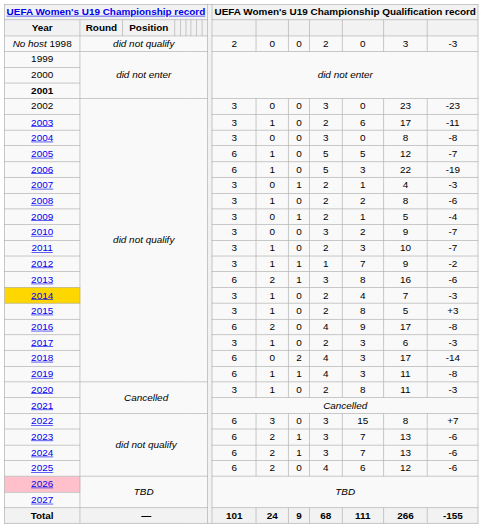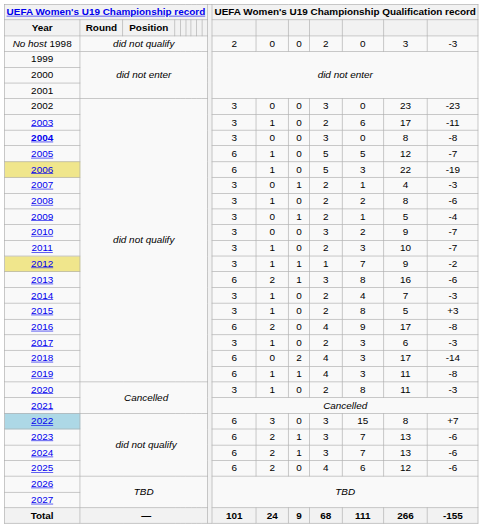 <table class="wikitable" style="text-align: center;">
 <tr>
 <th colspan=9><a href='#'>UEFA Women's U19 Championship record</a></th>
 <th width=1% rowspan=39></th>
 <th colspan=7>UEFA Women's U19 Championship Qualification record</th>
 </tr>
 <tr>
 <th>Year</th>
 <th>Round</th>
 <th>Position</th>
 <th></th>
 <th></th>
 <th></th>
 <th></th>
 <th></th>
 <th></th>
 <th></th>
 <th></th>
 <th></th>
 <th></th>
 <th></th>
 <th></th>
 <th></th>
 </tr>
 <tr>
 <td><em>No host</em> 1998</td>
 <td colspan=8><em>did not qualify</em></td>
 <td>2</td>
 <td>0</td>
 <td>0</td>
 <td>2</td>
 <td>0</td>
 <td>3</td>
 <td>-3</td>
 </tr>
 <tr>
 <td> 1999</td>
 <td rowspan=3 colspan=8><em>did not enter</em></td>
 <td rowspan=3 colspan=7><em>did not enter</em></td>
 </tr>
 <tr>
 <td> 2000</td>
 </tr>
 <tr>
-<td><strong> 2001</strong></td>
+<td> 2001</td>
 </tr>
 <tr>
 <td> 2002</td>
 <td rowspan=18 colspan=8><em>did not qualify</em></td>
 <td>3</td>
 <td>0</td>
 <td>0</td>
 <td>3</td>
 <td>0</td>
 <td>23</td>
 <td>-23</td>
 </tr>
 <tr>
 <td> <a href='#'>2003</a></td>
 <td>3</td>
 <td>1</td>
 <td>0</td>
 <td>2</td>
 <td>6</td>
 <td>17</td>
 <td>-11</td>
 </tr>
 <tr>
-<td> <a href='#'>2004</a></td>
+<td><strong> <a href='#'>2004</a></strong></td>
 <td>3</td>
 <td>0</td>
 <td>0</td>
 <td>3</td>
 <td>0</td>
 <td>8</td>
 <td>-8</td>
 </tr>
 <tr>
 <td> <a href='#'>2005</a></td>
 <td>6</td>
 <td>1</td>
 <td>0</td>
 <td>5</td>
 <td>5</td>
 <td>12</td>
 <td>-7</td>
 </tr>
 <tr>
-<td> <a href='#'>2006</a></td>
+<td style="background: khaki;"> <a href='#'>2006</a></td>
 <td>6</td>
 <td>1</td>
 <td>0</td>
 <td>5</td>
 <td>3</td>
 <td>22</td>
 <td>-19</td>
 </tr>
 <tr>
 <td> <a href='#'>2007</a></td>
 <td>3</td>
 <td>0</td>
 <td>1</td>
 <td>2</td>
 <td>1</td>
 <td>4</td>
 <td>-3</td>
 </tr>
 <tr>
 <td> <a href='#'>2008</a></td>
 <td>3</td>
 <td>1</td>
 <td>0</td>
 <td>2</td>
 <td>2</td>
 <td>8</td>
 <td>-6</td>
 </tr>
 <tr>
 <td> <a href='#'>2009</a></td>
 <td>3</td>
 <td>0</td>
 <td>1</td>
 <td>2</td>
 <td>1</td>
 <td>5</td>
 <td>-4</td>
 </tr>
 <tr>
 <td> <a href='#'>2010</a></td>
 <td>3</td>
 <td>0</td>
 <td>0</td>
 <td>3</td>
 <td>2</td>
 <td>9</td>
 <td>-7</td>
 </tr>
 <tr>
 <td> <a href='#'>2011</a></td>
 <td>3</td>
 <td>1</td>
 <td>0</td>
 <td>2</td>
 <td>3</td>
 <td>10</td>
 <td>-7</td>
 </tr>
 <tr>
-<td> <a href='#'>2012</a></td>
+<td style="background: khaki;"> <a href='#'>2012</a></td>
 <td>3</td>
 <td>1</td>
 <td>1</td>
 <td>1</td>
 <td>7</td>
 <td>9</td>
 <td>-2</td>
 </tr>
 <tr>
 <td> <a href='#'>2013</a></td>
 <td>6</td>
 <td>2</td>
 <td>1</td>
 <td>3</td>
 <td>8</td>
 <td>16</td>
 <td>-6</td>
 </tr>
 <tr>
-<td style="background: gold;"> <a href='#'>2014</a></td>
+<td> <a href='#'>2014</a></td>
 <td>3</td>
 <td>1</td>
 <td>0</td>
 <td>2</td>
 <td>4</td>
 <td>7</td>
 <td>-3</td>
 </tr>
 <tr>
 <td> <a href='#'>2015</a></td>
 <td>3</td>
 <td>1</td>
 <td>0</td>
 <td>2</td>
 <td>8</td>
 <td>5</td>
 <td>+3</td>
 </tr>
 <tr>
 <td> <a href='#'>2016</a></td>
 <td>6</td>
 <td>2</td>
 <td>0</td>
 <td>4</td>
 <td>9</td>
 <td>17</td>
 <td>-8</td>
 </tr>
 <tr>
 <td> <a href='#'>2017</a></td>
 <td>3</td>
 <td>1</td>
 <td>0</td>
 <td>2</td>
 <td>3</td>
 <td>6</td>
 <td>-3</td>
 </tr>
 <tr>
 <td> <a href='#'>2018</a></td>
 <td>6</td>
 <td>0</td>
 <td>2</td>
 <td>4</td>
 <td>3</td>
 <td>17</td>
 <td>-14</td>
 </tr>
 <tr>
 <td> <a href='#'>2019</a></td>
 <td>6</td>
 <td>1</td>
 <td>1</td>
 <td>4</td>
 <td>3</td>
 <td>11</td>
 <td>-8</td>
 </tr>
 <tr>
 <td> <a href='#'>2020</a></td>
 <td rowspan=2 colspan=9><em>Cancelled</em></td>
 <td>3</td>
 <td>1</td>
 <td>0</td>
 <td>2</td>
 <td>8</td>
 <td>11</td>
 <td>-3</td>
 </tr>
 <tr>
 <td> <a href='#'>2021</a></td>
 <td colspan=7><em>Cancelled</em></td>
 </tr>
 <tr>
-<td> <a href='#'>2022</a></td>
+<td style="background: lightblue;"> <a href='#'>2022</a></td>
 <td rowspan=4 colspan=9><em>did not qualify</em></td>
 <td>6</td>
 <td>3</td>
 <td>0</td>
 <td>3</td>
 <td>15</td>
 <td>8</td>
 <td>+7</td>
 </tr>
 <tr>
 <td> <a href='#'>2023</a></td>
 <td>6</td>
 <td>2</td>
 <td>1</td>
 <td>3</td>
 <td>7</td>
 <td>13</td>
 <td>-6</td>
 </tr>
 <tr>
 <td> <a href='#'>2024</a></td>
 <td>6</td>
 <td>2</td>
 <td>1</td>
 <td>3</td>
 <td>7</td>
 <td>13</td>
 <td>-6</td>
 </tr>
 <tr>
 <td> <a href='#'>2025</a></td>
 <td>6</td>
 <td>2</td>
 <td>0</td>
 <td>4</td>
 <td>6</td>
 <td>12</td>
 <td>-6</td>
 </tr>
 <tr>
-<td style="background: pink;"> <a href='#'>2026</a></td>
+<td> <a href='#'>2026</a></td>
 <td rowspan=2 colspan=8><em>TBD</em></td>
 <td rowspan=2 colspan=8><em>TBD</em></td>
 </tr>
 <tr>
 <td> <a href='#'>2027</a></td>
 </tr>
 <tr>
 <th><strong>Total</strong></th>
 <th colspan=9><strong>—</strong></th>
 <th><strong>101</strong></th>
 <th><strong>24</strong></th>
 <th><strong>9</strong></th>
 <th><strong>68</strong></th>
 <th><strong>111</strong></th>
 <th><strong>266</strong></th>
 <th><strong>-155</strong></th>
 </tr>
 </table>
